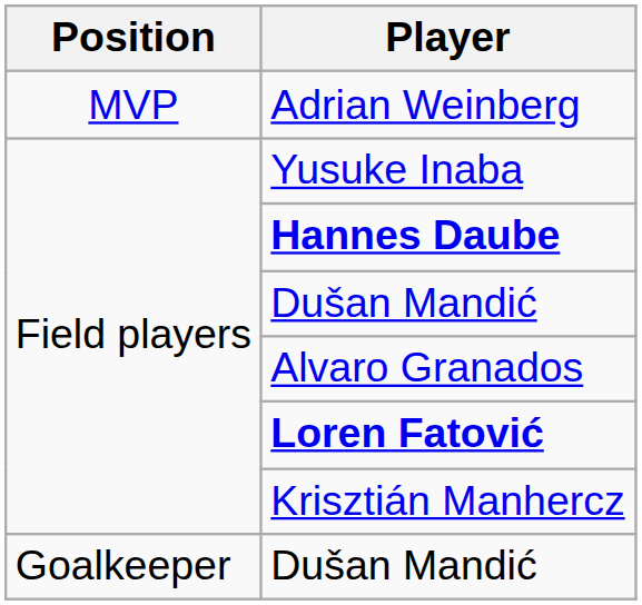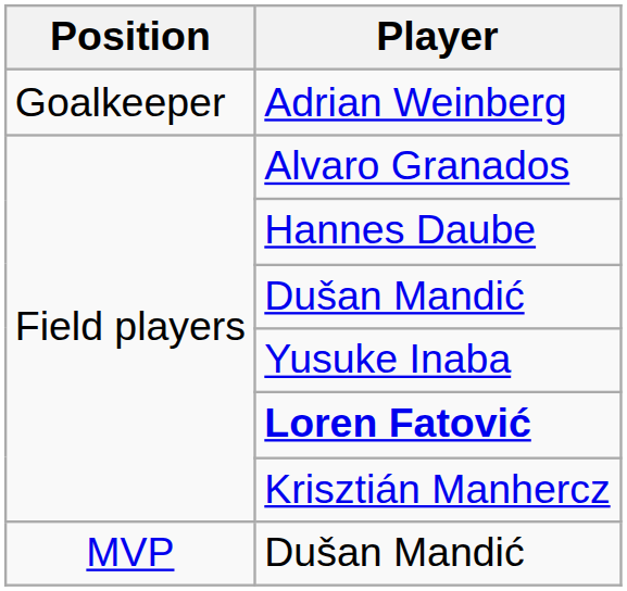 <table class="wikitable">
 <tr>
 <th>Position</th>
 <th>Player</th>
 </tr>
 <tr>
-<td align=center><a href='#'>MVP</a></td>
+<td>Goalkeeper</td>
 <td> <a href='#'>Adrian Weinberg</a></td>
 </tr>
 <tr>
 <td rowspan=6>Field players</td>
-<td> <a href='#'>Yusuke Inaba</a></td>
+<td> <a href='#'>Alvaro Granados</a></td>
 </tr>
 <tr>
-<td><strong> <a href='#'>Hannes Daube</a></strong></td>
+<td> <a href='#'>Hannes Daube</a></td>
 </tr>
 <tr>
 <td> <a href='#'>Dušan Mandić</a></td>
 </tr>
 <tr>
-<td> <a href='#'>Alvaro Granados</a></td>
+<td> <a href='#'>Yusuke Inaba</a></td>
 </tr>
 <tr>
 <td><strong> <a href='#'>Loren Fatović</a></strong></td>
 </tr>
 <tr>
 <td> <a href='#'>Krisztián Manhercz</a></td>
 </tr>
 <tr>
-<td>Goalkeeper</td>
+<td align=center><a href='#'>MVP</a></td>
 <td> Dušan Mandić</td>
 </tr>
 </table>
